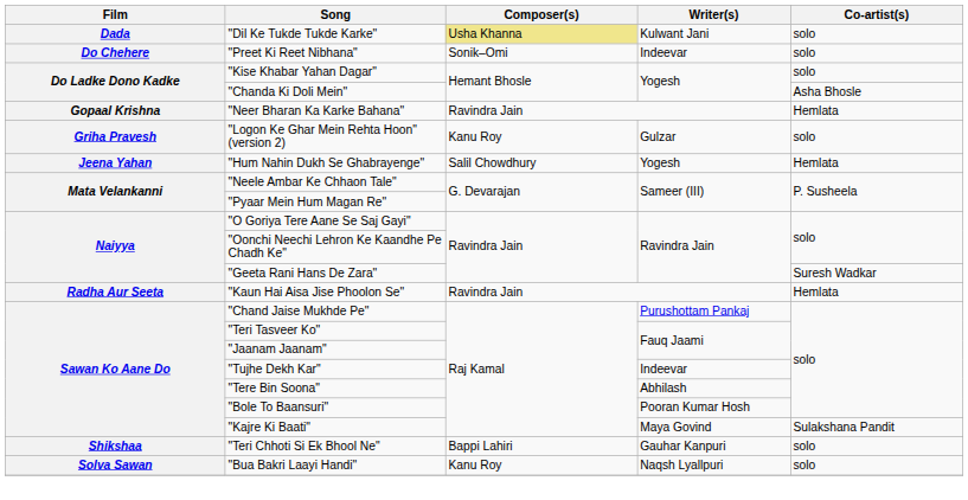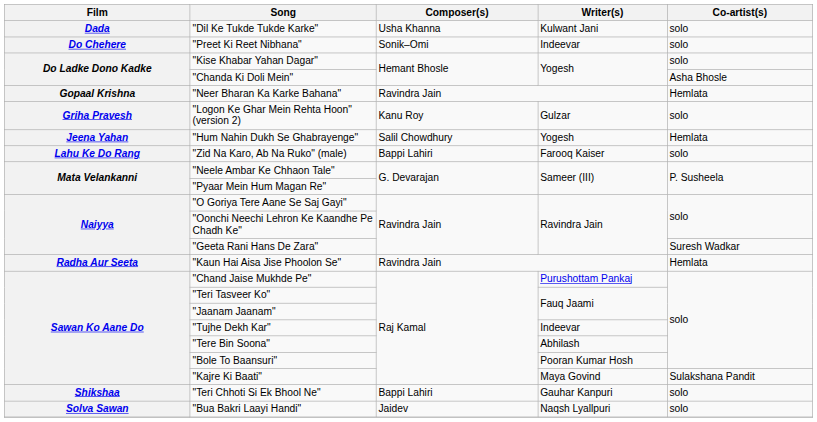 <table class="wikitable plainrowheaders" style="width:100%;" textcolor:#000;">
 <tr style="background:#b0e0e66;">
 <th scope="col" style="width:23%;"><strong>Film</strong></th>
 <th scope="col" style="width:23%;"><strong>Song</strong></th>
 <th scope="col" style="width:20%;"><strong>Composer(s)</strong></th>
 <th scope="col" style="width:16%;"><strong>Writer(s)</strong></th>
 <th scope="col" style="width:18%;"><strong>Co-artist(s)</strong></th>
 </tr>
 <tr>
 <th><em><a href='#'>Dada</a></em></th>
 <td>"Dil Ke Tukde Tukde Karke"</td>
-<td style="background: khaki;">Usha Khanna</td>
+<td>Usha Khanna</td>
 <td>Kulwant Jani</td>
 <td>solo</td>
 </tr>
 <tr>
 <th><em><a href='#'>Do Chehere</a></em></th>
 <td>"Preet Ki Reet Nibhana"</td>
 <td>Sonik–Omi</td>
 <td>Indeevar</td>
 <td>solo</td>
 </tr>
 <tr>
 <th rowspan=2><em>Do Ladke Dono Kadke</em></th>
 <td>"Kise Khabar Yahan Dagar"</td>
 <td rowspan=2>Hemant Bhosle</td>
 <td rowspan=2>Yogesh</td>
 <td>solo</td>
 </tr>
 <tr>
 <td>"Chanda Ki Doli Mein"</td>
 <td>Asha Bhosle</td>
 </tr>
 <tr>
 <th><em>Gopaal Krishna</em></th>
 <td>"Neer Bharan Ka Karke Bahana"</td>
 <td colspan=2>Ravindra Jain</td>
 <td>Hemlata</td>
 </tr>
 <tr>
 <th><em><a href='#'>Griha Pravesh</a></em></th>
 <td>"Logon Ke Ghar Mein Rehta Hoon" (version 2)</td>
 <td>Kanu Roy</td>
 <td>Gulzar</td>
 <td>solo</td>
 </tr>
 <tr>
 <th><em><a href='#'>Jeena Yahan</a></em></th>
 <td>"Hum Nahin Dukh Se Ghabrayenge"</td>
 <td>Salil Chowdhury</td>
 <td>Yogesh</td>
 <td>Hemlata</td>
+</tr>
+<tr>
+<th><em><a href='#'>Lahu Ke Do Rang</a></em></th>
+<td>"Zid Na Karo, Ab Na Ruko" (male)</td>
+<td>Bappi Lahiri</td>
+<td>Farooq Kaiser</td>
+<td>solo</td>
 </tr>
 <tr>
 <th rowspan=2><em>Mata Velankanni</em></th>
 <td>"Neele Ambar Ke Chhaon Tale"</td>
 <td rowspan=2>G. Devarajan</td>
 <td rowspan=2>Sameer (III)</td>
 <td rowspan=2>P. Susheela</td>
 </tr>
 <tr>
 <td>"Pyaar Mein Hum Magan Re"</td>
 </tr>
 <tr>
 <th Rowspan=3><em><a href='#'>Naiyya</a></em></th>
 <td>"O Goriya Tere Aane Se Saj Gayi"</td>
 <td rowspan=3>Ravindra Jain</td>
 <td Rowspan=3>Ravindra Jain</td>
 <td rowspan=2>solo</td>
 </tr>
 <tr>
 <td>"Oonchi Neechi Lehron Ke Kaandhe Pe Chadh Ke"</td>
 </tr>
 <tr>
 <td>"Geeta Rani Hans De Zara"</td>
 <td>Suresh Wadkar</td>
 </tr>
 <tr>
 <th><em><a href='#'>Radha Aur Seeta</a></em></th>
 <td>"Kaun Hai Aisa Jise Phoolon Se"</td>
 <td colspan=2>Ravindra Jain</td>
 <td>Hemlata</td>
 </tr>
 <tr>
 <th Rowspan=7><em><a href='#'>Sawan Ko Aane Do</a></em></th>
 <td>"Chand Jaise Mukhde Pe"</td>
 <td rowspan=7>Raj Kamal</td>
 <td><a href='#'>Purushottam Pankaj</a></td>
 <td Rowspan=6>solo</td>
 </tr>
 <tr>
 <td>"Teri Tasveer Ko"</td>
 <td Rowspan=2>Fauq Jaami</td>
 </tr>
 <tr>
 <td>"Jaanam Jaanam"</td>
 </tr>
 <tr>
 <td>"Tujhe Dekh Kar"</td>
 <td>Indeevar</td>
 </tr>
 <tr>
 <td>"Tere Bin Soona"</td>
 <td>Abhilash</td>
 </tr>
 <tr>
 <td>"Bole To Baansuri"</td>
 <td>Pooran Kumar Hosh</td>
 </tr>
 <tr>
 <td>"Kajre Ki Baati"</td>
 <td>Maya Govind</td>
 <td>Sulakshana Pandit</td>
 </tr>
 <tr>
 <th><em><a href='#'>Shikshaa</a></em></th>
 <td>"Teri Chhoti Si Ek Bhool Ne"</td>
 <td>Bappi Lahiri</td>
 <td>Gauhar Kanpuri</td>
 <td>solo</td>
 </tr>
 <tr>
 <th><em><a href='#'>Solva Sawan</a></em></th>
 <td>"Bua Bakri Laayi Handi"</td>
-<td>Kanu Roy</td>
+<td>Jaidev</td>
 <td>Naqsh Lyallpuri</td>
 <td>solo</td>
 </tr>
 <tr>
 </tr>
 </table>
